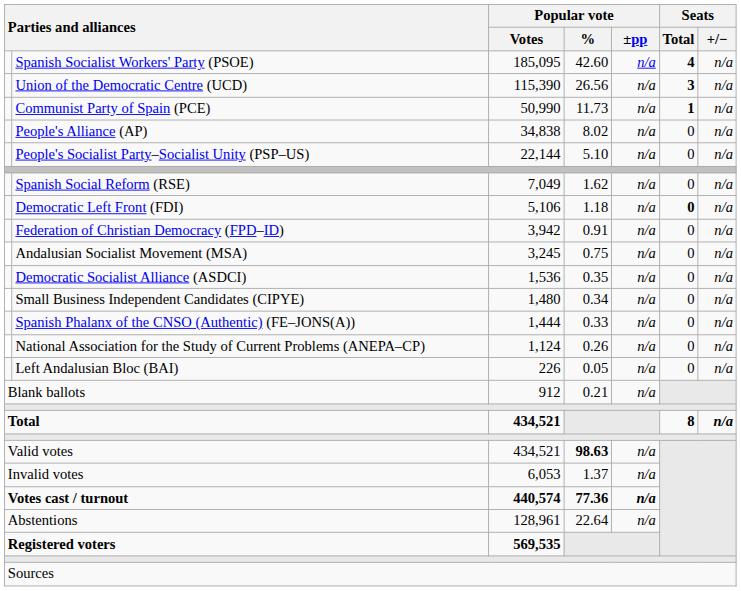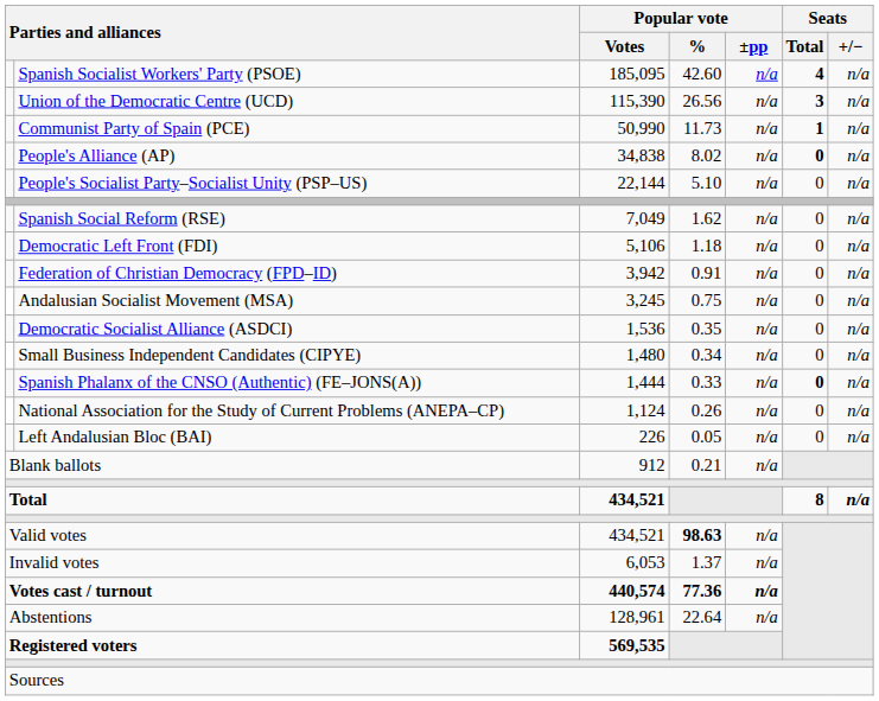 <table class="wikitable" style="text-align:right;">
 <tr>
 <th style="text-align:left;" rowspan="2" colspan="2" width="525">Parties and alliances</th>
 <th colspan="3">Popular vote</th>
 <th colspan="2">Seats</th>
 </tr>
 <tr>
 <th width="75">Votes</th>
 <th width="45">%</th>
 <th width="45">±<a href='#'>pp</a></th>
 <th width="35">Total</th>
 <th width="35">+/−</th>
 </tr>
 <tr>
 <td width="1" style="color:inherit;background:"></td>
 <td align="left"><a href='#'>Spanish Socialist Workers' Party</a> (PSOE)</td>
 <td>185,095</td>
 <td>42.60</td>
 <td><em><a href='#'>n/a</a></em></td>
 <td><strong>4</strong></td>
 <td><em>n/a</em></td>
 </tr>
 <tr>
 <td style="color:inherit;background:"></td>
 <td align="left"><a href='#'>Union of the Democratic Centre</a> (UCD)</td>
 <td>115,390</td>
 <td>26.56</td>
 <td><em>n/a</em></td>
 <td><strong>3</strong></td>
 <td><em>n/a</em></td>
 </tr>
 <tr>
 <td style="color:inherit;background:"></td>
 <td align="left"><a href='#'>Communist Party of Spain</a> (PCE)</td>
 <td>50,990</td>
 <td>11.73</td>
 <td><em>n/a</em></td>
 <td><strong>1</strong></td>
 <td><em>n/a</em></td>
 </tr>
 <tr>
 <td style="color:inherit;background:"></td>
 <td align="left"><a href='#'>People's Alliance</a> (AP)</td>
 <td>34,838</td>
 <td>8.02</td>
 <td><em>n/a</em></td>
-<td>0</td>
+<td><strong>0</strong></td>
 <td><em>n/a</em></td>
 </tr>
 <tr>
 <td style="color:inherit;background:"></td>
 <td align="left"><a href='#'>People's Socialist Party</a>–<a href='#'>Socialist Unity</a> (PSP–US)</td>
 <td>22,144</td>
 <td>5.10</td>
 <td><em>n/a</em></td>
 <td>0</td>
 <td><em>n/a</em></td>
 </tr>
 <tr>
 <td colspan="7" bgcolor="#C0C0C0"></td>
 </tr>
 <tr>
 <td style="color:inherit;background:"></td>
 <td align="left"><a href='#'>Spanish Social Reform</a> (RSE)</td>
 <td>7,049</td>
 <td>1.62</td>
 <td><em>n/a</em></td>
 <td>0</td>
 <td><em>n/a</em></td>
 </tr>
 <tr>
 <td style="color:inherit;background:"></td>
 <td align="left"><a href='#'>Democratic Left Front</a> (FDI)</td>
 <td>5,106</td>
 <td>1.18</td>
 <td><em>n/a</em></td>
-<td><strong>0</strong></td>
+<td>0</td>
 <td><em>n/a</em></td>
 </tr>
 <tr>
 <td style="color:inherit;background:"></td>
 <td align="left"><a href='#'>Federation of Christian Democracy</a> (<a href='#'>FPD</a>–<a href='#'>ID</a>)</td>
 <td>3,942</td>
 <td>0.91</td>
 <td><em>n/a</em></td>
 <td>0</td>
 <td><em>n/a</em></td>
 </tr>
 <tr>
 <td bgcolor="white"></td>
 <td align="left">Andalusian Socialist Movement (MSA)</td>
 <td>3,245</td>
 <td>0.75</td>
 <td><em>n/a</em></td>
 <td>0</td>
 <td><em>n/a</em></td>
 </tr>
 <tr>
 <td style="color:inherit;background:"></td>
 <td align="left"><a href='#'>Democratic Socialist Alliance</a> (ASDCI)</td>
 <td>1,536</td>
 <td>0.35</td>
 <td><em>n/a</em></td>
 <td>0</td>
 <td><em>n/a</em></td>
 </tr>
 <tr>
 <td bgcolor="white"></td>
 <td align="left">Small Business Independent Candidates (CIPYE)</td>
 <td>1,480</td>
 <td>0.34</td>
 <td><em>n/a</em></td>
 <td>0</td>
 <td><em>n/a</em></td>
 </tr>
 <tr>
 <td style="color:inherit;background:"></td>
 <td align="left"><a href='#'>Spanish Phalanx of the CNSO (Authentic)</a> (FE–JONS(A))</td>
 <td>1,444</td>
 <td>0.33</td>
 <td><em>n/a</em></td>
-<td>0</td>
+<td><strong>0</strong></td>
 <td><em>n/a</em></td>
 </tr>
 <tr>
 <td bgcolor="white"></td>
 <td align="left">National Association for the Study of Current Problems (ANEPA–CP)</td>
 <td>1,124</td>
 <td>0.26</td>
 <td><em>n/a</em></td>
 <td>0</td>
 <td><em>n/a</em></td>
 </tr>
 <tr>
 <td style="color:inherit;background:"></td>
 <td align="left">Left Andalusian Bloc (BAI)</td>
 <td>226</td>
 <td>0.05</td>
 <td><em>n/a</em></td>
 <td>0</td>
 <td><em>n/a</em></td>
 </tr>
 <tr>
 <td align="left" colspan="2">Blank ballots</td>
 <td>912</td>
 <td>0.21</td>
 <td><em>n/a</em></td>
 <td bgcolor="#E9E9E9" colspan="2"></td>
 </tr>
 <tr>
 <td colspan="7" bgcolor="#E9E9E9"></td>
 </tr>
 <tr style="font-weight:bold;">
 <td align="left" colspan="2">Total</td>
 <td>434,521</td>
 <td bgcolor="#E9E9E9" colspan="2"></td>
 <td>8</td>
 <td><em>n/a</em></td>
 </tr>
 <tr>
 <td colspan="7" bgcolor="#E9E9E9"></td>
 </tr>
 <tr>
 <td align="left" colspan="2">Valid votes</td>
 <td>434,521</td>
 <td><strong>98.63</strong></td>
 <td><em>n/a</em></td>
 <td bgcolor="#E9E9E9" colspan="2" rowspan="5"></td>
 </tr>
 <tr>
 <td align="left" colspan="2">Invalid votes</td>
 <td>6,053</td>
 <td>1.37</td>
 <td><em>n/a</em></td>
 </tr>
 <tr style="font-weight:bold;">
 <td align="left" colspan="2">Votes cast / turnout</td>
 <td>440,574</td>
 <td>77.36</td>
 <td><em>n/a</em></td>
 </tr>
 <tr>
 <td align="left" colspan="2">Abstentions</td>
 <td>128,961</td>
 <td>22.64</td>
 <td><em>n/a</em></td>
 </tr>
 <tr style="font-weight:bold;">
 <td align="left" colspan="2">Registered voters</td>
 <td>569,535</td>
 <td bgcolor="#E9E9E9" colspan="2"></td>
 </tr>
 <tr>
 <td colspan="7" bgcolor="#E9E9E9"></td>
 </tr>
 <tr>
 <td align="left" colspan="7">Sources</td>
 </tr>
 </table>
